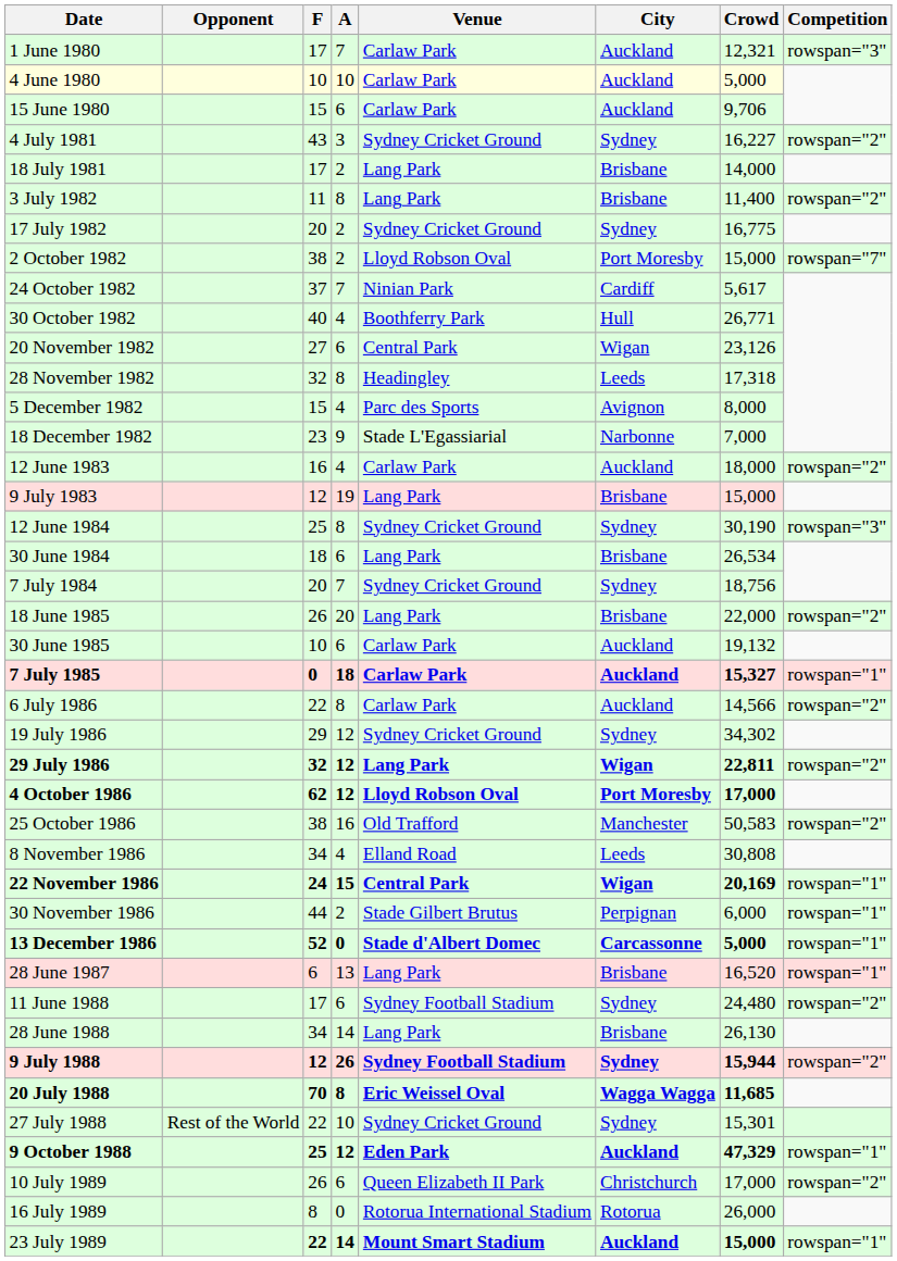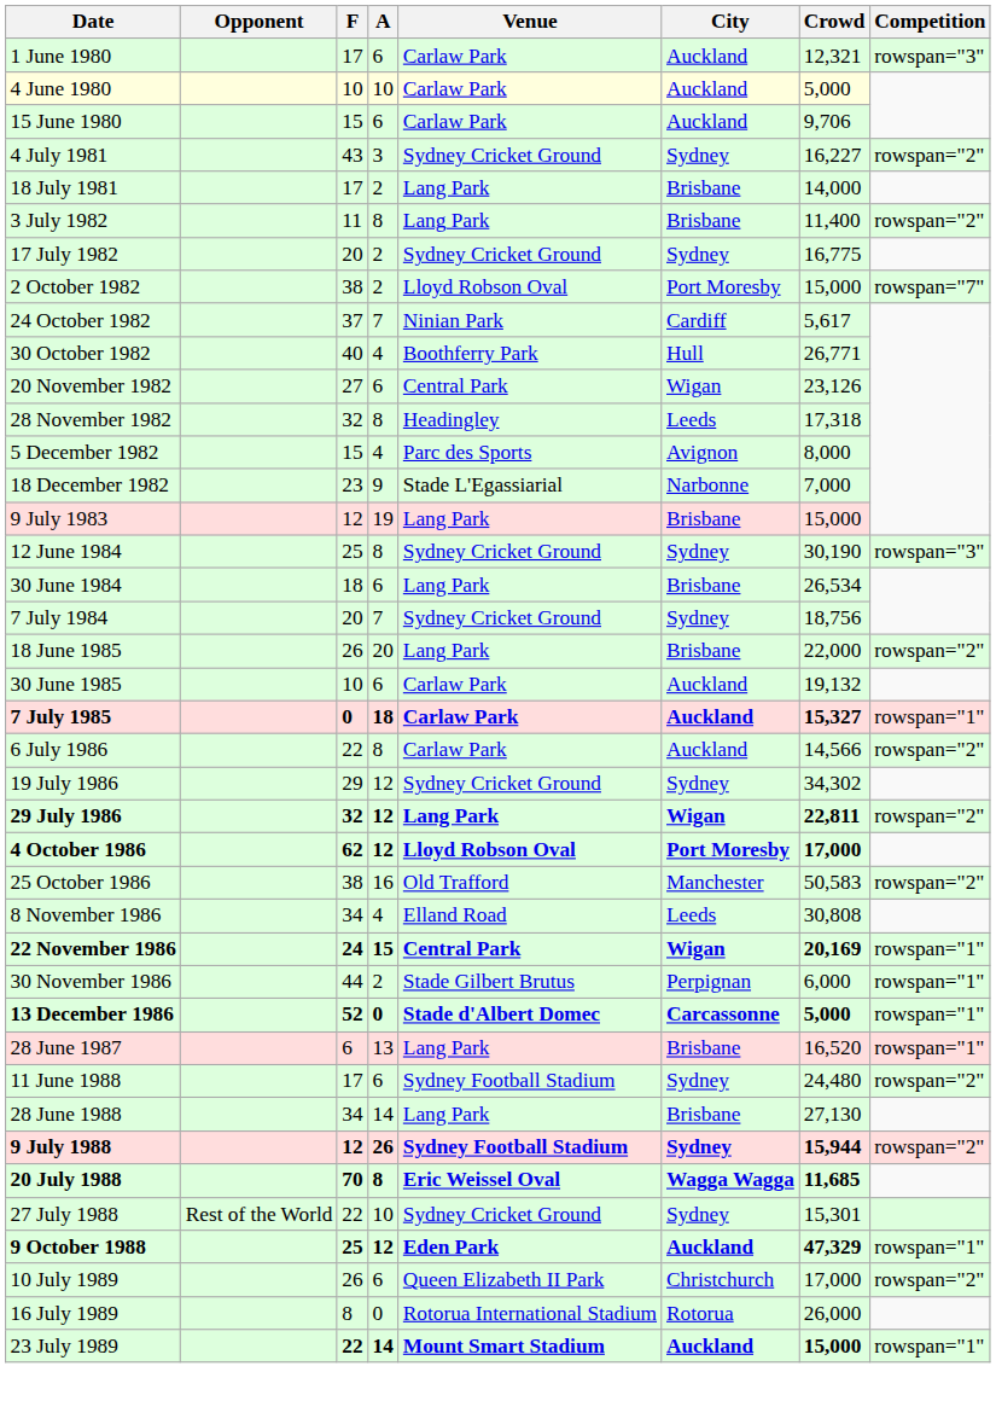 <table class="wikitable sortable">
 <tr>
 <th>Date</th>
 <th>Opponent</th>
 <th>F</th>
 <th>A</th>
 <th>Venue</th>
 <th>City</th>
 <th>Crowd</th>
 <th>Competition</th>
 </tr>
 <tr style="background:#ddffdd;">
 <td>1 June 1980</td>
 <td></td>
 <td>17</td>
-<td>7</td>
+<td>6</td>
 <td><a href='#'>Carlaw Park</a></td>
 <td><a href='#'>Auckland</a></td>
 <td>12,321</td>
 <td>rowspan="3"</td>
 </tr>
 <tr style="background:#ffffdd;">
 <td>4 June 1980</td>
 <td></td>
 <td>10</td>
 <td>10</td>
 <td><a href='#'>Carlaw Park</a></td>
 <td><a href='#'>Auckland</a></td>
 <td>5,000</td>
 </tr>
 <tr style="background:#ddffdd;">
 <td>15 June 1980</td>
 <td></td>
 <td>15</td>
 <td>6</td>
 <td><a href='#'>Carlaw Park</a></td>
 <td><a href='#'>Auckland</a></td>
 <td>9,706</td>
 </tr>
 <tr style="background:#ddffdd;">
 <td>4 July 1981</td>
 <td></td>
 <td>43</td>
 <td>3</td>
 <td><a href='#'>Sydney Cricket Ground</a></td>
 <td><a href='#'>Sydney</a></td>
 <td>16,227</td>
 <td>rowspan="2"</td>
 </tr>
 <tr style="background:#ddffdd;">
 <td>18 July 1981</td>
 <td></td>
 <td>17</td>
 <td>2</td>
 <td><a href='#'>Lang Park</a></td>
 <td><a href='#'>Brisbane</a></td>
 <td>14,000</td>
 </tr>
 <tr style="background:#ddffdd;">
 <td>3 July 1982</td>
 <td></td>
 <td>11</td>
 <td>8</td>
 <td><a href='#'>Lang Park</a></td>
 <td><a href='#'>Brisbane</a></td>
 <td>11,400</td>
 <td>rowspan="2"</td>
 </tr>
 <tr style="background:#ddffdd;">
 <td>17 July 1982</td>
 <td></td>
 <td>20</td>
 <td>2</td>
 <td><a href='#'>Sydney Cricket Ground</a></td>
 <td><a href='#'>Sydney</a></td>
 <td>16,775</td>
 </tr>
 <tr style="background:#ddffdd;">
 <td>2 October 1982</td>
 <td></td>
 <td>38</td>
 <td>2</td>
 <td><a href='#'>Lloyd Robson Oval</a></td>
 <td><a href='#'>Port Moresby</a></td>
 <td>15,000</td>
 <td>rowspan="7"</td>
 </tr>
 <tr style="background:#ddffdd;">
 <td>24 October 1982</td>
 <td></td>
 <td>37</td>
 <td>7</td>
 <td><a href='#'>Ninian Park</a></td>
 <td><a href='#'>Cardiff</a></td>
 <td>5,617</td>
 </tr>
 <tr style="background:#ddffdd;">
 <td>30 October 1982</td>
 <td></td>
 <td>40</td>
 <td>4</td>
 <td><a href='#'>Boothferry Park</a></td>
 <td><a href='#'>Hull</a></td>
 <td>26,771</td>
 </tr>
 <tr style="background:#ddffdd;">
 <td>20 November 1982</td>
 <td></td>
 <td>27</td>
 <td>6</td>
 <td><a href='#'>Central Park</a></td>
 <td><a href='#'>Wigan</a></td>
 <td>23,126</td>
 </tr>
 <tr style="background:#ddffdd;">
 <td>28 November 1982</td>
 <td></td>
 <td>32</td>
 <td>8</td>
 <td><a href='#'>Headingley</a></td>
 <td><a href='#'>Leeds</a></td>
 <td>17,318</td>
 </tr>
 <tr style="background:#ddffdd;">
 <td>5 December 1982</td>
 <td></td>
 <td>15</td>
 <td>4</td>
 <td><a href='#'>Parc des Sports</a></td>
 <td><a href='#'>Avignon</a></td>
 <td>8,000</td>
 </tr>
 <tr style="background:#ddffdd;">
 <td>18 December 1982</td>
 <td></td>
 <td>23</td>
 <td>9</td>
 <td>Stade L'Egassiarial</td>
 <td><a href='#'>Narbonne</a></td>
 <td>7,000</td>
-</tr>
-<tr style="background:#ddffdd;">
-<td>12 June 1983</td>
-<td></td>
-<td>16</td>
-<td>4</td>
-<td><a href='#'>Carlaw Park</a></td>
-<td><a href='#'>Auckland</a></td>
-<td>18,000</td>
-<td>rowspan="2" </td>
 </tr>
 <tr style="background:#ffdddd;">
 <td>9 July 1983</td>
 <td></td>
 <td>12</td>
 <td>19</td>
 <td><a href='#'>Lang Park</a></td>
 <td><a href='#'>Brisbane</a></td>
 <td>15,000</td>
 </tr>
 <tr style="background:#ddffdd;">
 <td>12 June 1984</td>
 <td></td>
 <td>25</td>
 <td>8</td>
 <td><a href='#'>Sydney Cricket Ground</a></td>
 <td><a href='#'>Sydney</a></td>
 <td>30,190</td>
 <td>rowspan="3"</td>
 </tr>
 <tr style="background:#ddffdd;">
 <td>30 June 1984</td>
 <td></td>
 <td>18</td>
 <td>6</td>
 <td><a href='#'>Lang Park</a></td>
 <td><a href='#'>Brisbane</a></td>
 <td>26,534</td>
 </tr>
 <tr style="background:#ddffdd;">
 <td>7 July 1984</td>
 <td></td>
 <td>20</td>
 <td>7</td>
 <td><a href='#'>Sydney Cricket Ground</a></td>
 <td><a href='#'>Sydney</a></td>
 <td>18,756</td>
 </tr>
 <tr style="background:#ddffdd;">
 <td>18 June 1985</td>
 <td></td>
 <td>26</td>
 <td>20</td>
 <td><a href='#'>Lang Park</a></td>
 <td><a href='#'>Brisbane</a></td>
 <td>22,000</td>
 <td>rowspan="2"</td>
 </tr>
 <tr style="background:#ddffdd;">
 <td>30 June 1985</td>
 <td></td>
 <td>10</td>
 <td>6</td>
 <td><a href='#'>Carlaw Park</a></td>
 <td><a href='#'>Auckland</a></td>
 <td>19,132</td>
 </tr>
 <tr style="background:#ffdddd;">
 <td><strong>7 July</strong> <strong>1985</strong></td>
 <td><strong></strong></td>
 <td><strong>0</strong></td>
 <td><strong>18</strong></td>
 <td><strong><a href='#'>Carlaw Park</a></strong></td>
 <td><strong><a href='#'>Auckland</a></strong></td>
 <td><strong>15,327</strong></td>
 <td>rowspan="1"</td>
 </tr>
 <tr style="background:#ddffdd;">
 <td>6 July 1986</td>
 <td></td>
 <td>22</td>
 <td>8</td>
 <td><a href='#'>Carlaw Park</a></td>
 <td><a href='#'>Auckland</a></td>
 <td>14,566</td>
 <td>rowspan="2"</td>
 </tr>
 <tr style="background:#ddffdd;">
 <td>19 July 1986</td>
 <td></td>
 <td>29</td>
 <td>12</td>
 <td><a href='#'>Sydney Cricket Ground</a></td>
 <td><a href='#'>Sydney</a></td>
 <td>34,302</td>
 </tr>
 <tr style="background:#ddffdd;">
 <td><strong>29 July</strong> <strong>1986</strong></td>
 <td><strong></strong></td>
 <td><strong>32</strong></td>
 <td><strong>12</strong></td>
 <td><strong><a href='#'>Lang Park</a></strong></td>
 <td><strong><a href='#'>Wigan</a></strong></td>
 <td><strong>22,811</strong></td>
 <td>rowspan="2"</td>
 </tr>
 <tr style="background:#ddffdd;">
 <td><strong>4 October</strong> <strong>1986</strong></td>
 <td><strong></strong></td>
 <td><strong>62</strong></td>
 <td><strong>12</strong></td>
 <td><strong><a href='#'>Lloyd Robson Oval</a></strong></td>
 <td><strong><a href='#'>Port Moresby</a></strong></td>
 <td><strong>17,000</strong></td>
 </tr>
 <tr style="background:#ddffdd;">
 <td>25 October 1986</td>
 <td></td>
 <td>38</td>
 <td>16</td>
 <td><a href='#'>Old Trafford</a></td>
 <td><a href='#'>Manchester</a></td>
 <td>50,583</td>
 <td>rowspan="2"</td>
 </tr>
 <tr style="background:#ddffdd;">
 <td>8 November 1986</td>
 <td></td>
 <td>34</td>
 <td>4</td>
 <td><a href='#'>Elland Road</a></td>
 <td><a href='#'>Leeds</a></td>
 <td>30,808</td>
 </tr>
 <tr style="background:#ddffdd;">
 <td><strong>22 November</strong> <strong>1986</strong></td>
 <td><strong></strong></td>
 <td><strong>24</strong></td>
 <td><strong>15</strong></td>
 <td><a href='#'><strong>Central Park</strong></a></td>
 <td><strong><a href='#'>Wigan</a></strong></td>
 <td><strong>20,169</strong></td>
 <td>rowspan="1"</td>
 </tr>
 <tr style="background:#ddffdd;">
 <td>30 November 1986</td>
 <td></td>
 <td>44</td>
 <td>2</td>
 <td><a href='#'>Stade Gilbert Brutus</a></td>
 <td><a href='#'>Perpignan</a></td>
 <td>6,000</td>
 <td>rowspan="1"</td>
 </tr>
 <tr style="background:#ddffdd;">
 <td><strong>13 December</strong> <strong>1986</strong></td>
 <td><strong></strong></td>
 <td><strong>52</strong></td>
 <td><strong>0</strong></td>
 <td><strong><a href='#'>Stade d'Albert Domec</a></strong></td>
 <td><strong><a href='#'>Carcassonne</a></strong></td>
 <td><strong>5,000</strong></td>
 <td>rowspan="1"</td>
 </tr>
 <tr style="background:#ffdddd;">
 <td>28 June 1987</td>
 <td></td>
 <td>6</td>
 <td>13</td>
 <td><a href='#'>Lang Park</a></td>
 <td><a href='#'>Brisbane</a></td>
 <td>16,520</td>
 <td>rowspan="1"</td>
 </tr>
 <tr style="background:#ddffdd;">
 <td>11 June 1988</td>
 <td></td>
 <td>17</td>
 <td>6</td>
 <td><a href='#'>Sydney Football Stadium</a></td>
 <td><a href='#'>Sydney</a></td>
 <td>24,480</td>
 <td>rowspan="2"</td>
 </tr>
 <tr style="background:#ddffdd;">
 <td>28 June 1988</td>
 <td></td>
 <td>34</td>
 <td>14</td>
 <td><a href='#'>Lang Park</a></td>
 <td><a href='#'>Brisbane</a></td>
-<td>26,130</td>
+<td>27,130</td>
 </tr>
 <tr style="background:#ffdddd;">
 <td><strong>9 July</strong> <strong>1988</strong></td>
 <td><strong></strong></td>
 <td><strong>12</strong></td>
 <td><strong>26</strong></td>
 <td><strong><a href='#'>Sydney Football Stadium</a></strong></td>
 <td><strong><a href='#'>Sydney</a></strong></td>
 <td><strong>15,944</strong></td>
 <td>rowspan="2"</td>
 </tr>
 <tr style="background:#ddffdd;">
 <td><strong>20 July</strong> <strong>1988</strong></td>
 <td><strong></strong></td>
 <td><strong>70</strong></td>
 <td><strong>8</strong></td>
 <td><strong><a href='#'>Eric Weissel Oval</a></strong></td>
 <td><strong><a href='#'>Wagga Wagga</a></strong></td>
 <td><strong>11,685</strong></td>
 </tr>
 <tr style="background:#ddffdd;">
 <td>27 July 1988</td>
 <td> Rest of the World</td>
 <td>22</td>
 <td>10</td>
 <td><a href='#'>Sydney Cricket Ground</a></td>
 <td><a href='#'>Sydney</a></td>
 <td>15,301</td>
 <td></td>
 </tr>
 <tr style="background:#ddffdd;">
 <td><strong>9 October</strong> <strong>1988</strong></td>
 <td><strong></strong></td>
 <td><strong>25</strong></td>
 <td><strong>12</strong></td>
 <td><strong><a href='#'>Eden Park</a></strong></td>
 <td><strong><a href='#'>Auckland</a></strong></td>
 <td><strong>47,329</strong></td>
 <td>rowspan="1"</td>
 </tr>
 <tr style="background:#ddffdd;">
 <td>10 July 1989</td>
 <td></td>
 <td>26</td>
 <td>6</td>
 <td><a href='#'>Queen Elizabeth II Park</a></td>
 <td><a href='#'>Christchurch</a></td>
 <td>17,000</td>
 <td>rowspan="2"</td>
 </tr>
 <tr style="background:#ddffdd;">
 <td>16 July 1989</td>
 <td></td>
 <td>8</td>
 <td>0</td>
 <td><a href='#'>Rotorua International Stadium</a></td>
 <td><a href='#'>Rotorua</a></td>
 <td>26,000</td>
 </tr>
 <tr style="background:#ddffdd;">
 <td>23 July 1989</td>
 <td><strong></strong></td>
 <td><strong>22</strong></td>
 <td><strong>14</strong></td>
 <td><strong><a href='#'>Mount Smart Stadium</a></strong></td>
 <td><strong><a href='#'>Auckland</a></strong></td>
 <td><strong>15,000</strong></td>
 <td>rowspan="1"</td>
 </tr>
 </table>
